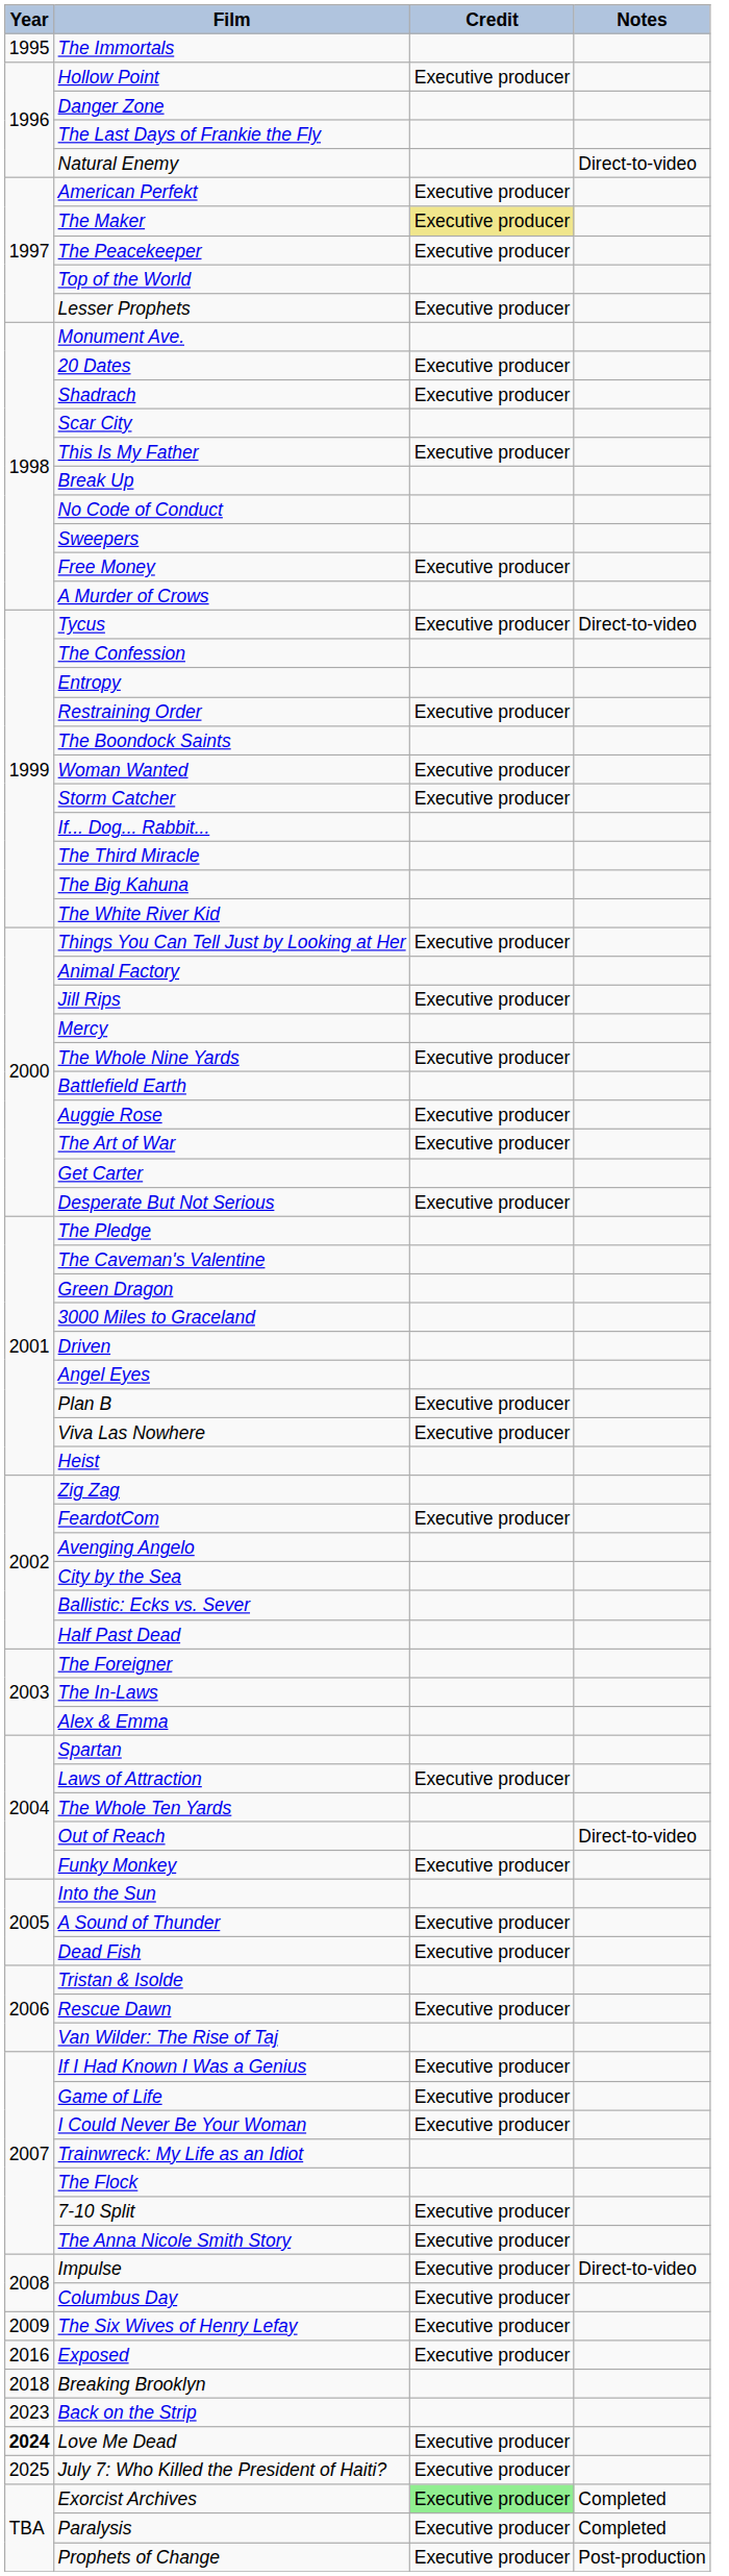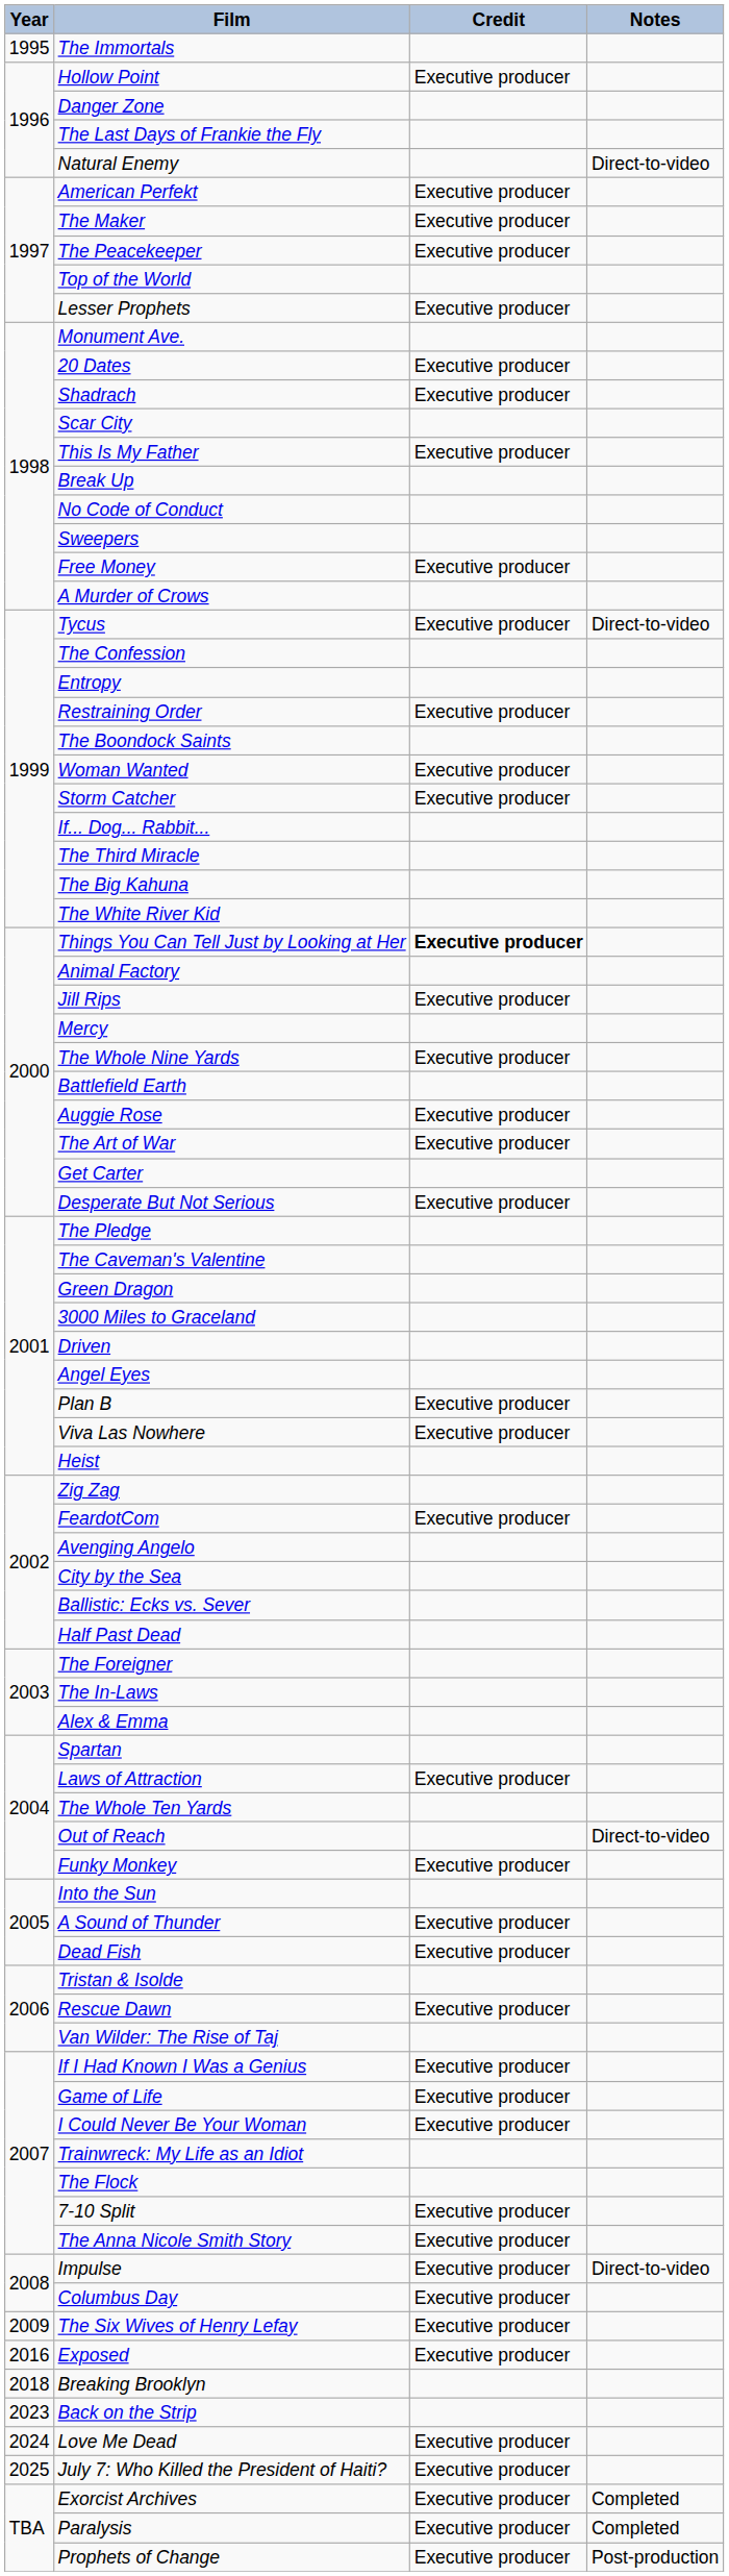 <table class="wikitable" style="font-size:95%;">
 <tr>
 <th style="background:#B0C4DE;">Year</th>
 <th style="background:#B0C4DE;">Film</th>
 <th style="background:#B0C4DE;">Credit</th>
 <th style="background:#B0C4DE;">Notes</th>
 </tr>
 <tr>
 <td>1995</td>
 <td><em><a href='#'>The Immortals</a></em></td>
 <td></td>
 <td></td>
 </tr>
 <tr>
 <td rowspan=4>1996</td>
 <td><em><a href='#'>Hollow Point</a></em></td>
 <td>Executive producer</td>
 <td></td>
 </tr>
 <tr>
 <td><em><a href='#'>Danger Zone</a></em></td>
 <td></td>
 <td></td>
 </tr>
 <tr>
 <td><em><a href='#'>The Last Days of Frankie the Fly</a></em></td>
 <td></td>
 <td></td>
 </tr>
 <tr>
 <td><em>Natural Enemy</em></td>
 <td></td>
 <td>Direct-to-video</td>
 </tr>
 <tr>
 <td rowspan=5>1997</td>
 <td><em><a href='#'>American Perfekt</a></em></td>
 <td>Executive producer</td>
 <td></td>
 </tr>
 <tr>
 <td><em><a href='#'>The Maker</a></em></td>
-<td style="background: khaki;">Executive producer</td>
+<td>Executive producer</td>
 <td></td>
 </tr>
 <tr>
 <td><em><a href='#'>The Peacekeeper</a></em></td>
 <td>Executive producer</td>
 <td></td>
 </tr>
 <tr>
 <td><em><a href='#'>Top of the World</a></em></td>
 <td></td>
 <td></td>
 </tr>
 <tr>
 <td><em>Lesser Prophets</em></td>
 <td>Executive producer</td>
 <td></td>
 </tr>
 <tr>
 <td rowspan=10>1998</td>
 <td><em><a href='#'>Monument Ave.</a></em></td>
 <td></td>
 <td></td>
 </tr>
 <tr>
 <td><em><a href='#'>20 Dates</a></em></td>
 <td>Executive producer</td>
 <td></td>
 </tr>
 <tr>
 <td><em><a href='#'>Shadrach</a></em></td>
 <td>Executive producer</td>
 <td></td>
 </tr>
 <tr>
 <td><em><a href='#'>Scar City</a></em></td>
 <td></td>
 <td></td>
 </tr>
 <tr>
 <td><em><a href='#'>This Is My Father</a></em></td>
 <td>Executive producer</td>
 <td></td>
 </tr>
 <tr>
 <td><em><a href='#'>Break Up</a></em></td>
 <td></td>
 <td></td>
 </tr>
 <tr>
 <td><em><a href='#'>No Code of Conduct</a></em></td>
 <td></td>
 <td></td>
 </tr>
 <tr>
 <td><em><a href='#'>Sweepers</a></em></td>
 <td></td>
 <td></td>
 </tr>
 <tr>
 <td><em><a href='#'>Free Money</a></em></td>
 <td>Executive producer</td>
 <td></td>
 </tr>
 <tr>
 <td><em><a href='#'>A Murder of Crows</a></em></td>
 <td></td>
 <td></td>
 </tr>
 <tr>
 <td rowspan=11>1999</td>
 <td><em><a href='#'>Tycus</a></em></td>
 <td>Executive producer</td>
 <td>Direct-to-video</td>
 </tr>
 <tr>
 <td><em><a href='#'>The Confession</a></em></td>
 <td></td>
 <td></td>
 </tr>
 <tr>
 <td><em><a href='#'>Entropy</a></em></td>
 <td></td>
 <td></td>
 </tr>
 <tr>
 <td><em><a href='#'>Restraining Order</a></em></td>
 <td>Executive producer</td>
 <td></td>
 </tr>
 <tr>
 <td><em><a href='#'>The Boondock Saints</a></em></td>
 <td></td>
 <td></td>
 </tr>
 <tr>
 <td><em><a href='#'>Woman Wanted</a></em></td>
 <td>Executive producer</td>
 <td></td>
 </tr>
 <tr>
 <td><em><a href='#'>Storm Catcher</a></em></td>
 <td>Executive producer</td>
 <td></td>
 </tr>
 <tr>
 <td><em><a href='#'>If... Dog... Rabbit...</a></em></td>
 <td></td>
 <td></td>
 </tr>
 <tr>
 <td><em><a href='#'>The Third Miracle</a></em></td>
 <td></td>
 <td></td>
 </tr>
 <tr>
 <td><em><a href='#'>The Big Kahuna</a></em></td>
 <td></td>
 <td></td>
 </tr>
 <tr>
 <td><em><a href='#'>The White River Kid</a></em></td>
 <td></td>
 <td></td>
 </tr>
 <tr>
 <td rowspan=10>2000</td>
 <td><em><a href='#'>Things You Can Tell Just by Looking at Her</a></em></td>
-<td>Executive producer</td>
+<td><strong>Executive producer</strong></td>
 <td></td>
 </tr>
 <tr>
 <td><em><a href='#'>Animal Factory</a></em></td>
 <td></td>
 <td></td>
 </tr>
 <tr>
 <td><em><a href='#'>Jill Rips</a></em></td>
 <td>Executive producer</td>
 <td></td>
 </tr>
 <tr>
 <td><em><a href='#'>Mercy</a></em></td>
 <td></td>
 <td></td>
 </tr>
 <tr>
 <td><em><a href='#'>The Whole Nine Yards</a></em></td>
 <td>Executive producer</td>
 <td></td>
 </tr>
 <tr>
 <td><em><a href='#'>Battlefield Earth</a></em></td>
 <td></td>
 <td></td>
 </tr>
 <tr>
 <td><em><a href='#'>Auggie Rose</a></em></td>
 <td>Executive producer</td>
 <td></td>
 </tr>
 <tr>
 <td><em><a href='#'>The Art of War</a></em></td>
 <td>Executive producer</td>
 <td></td>
 </tr>
 <tr>
 <td><em><a href='#'>Get Carter</a></em></td>
 <td></td>
 <td></td>
 </tr>
 <tr>
 <td><em><a href='#'>Desperate But Not Serious</a></em></td>
 <td>Executive producer</td>
 <td></td>
 </tr>
 <tr>
 <td rowspan=9>2001</td>
 <td><em><a href='#'>The Pledge</a></em></td>
 <td></td>
 <td></td>
 </tr>
 <tr>
 <td><em><a href='#'>The Caveman's Valentine</a></em></td>
 <td></td>
 <td></td>
 </tr>
 <tr>
 <td><em><a href='#'>Green Dragon</a></em></td>
 <td></td>
 <td></td>
 </tr>
 <tr>
 <td><em><a href='#'>3000 Miles to Graceland</a></em></td>
 <td></td>
 <td></td>
 </tr>
 <tr>
 <td><em><a href='#'>Driven</a></em></td>
 <td></td>
 <td></td>
 </tr>
 <tr>
 <td><em><a href='#'>Angel Eyes</a></em></td>
 <td></td>
 <td></td>
 </tr>
 <tr>
 <td><em>Plan B</em></td>
 <td>Executive producer</td>
 <td></td>
 </tr>
 <tr>
 <td><em>Viva Las Nowhere</em></td>
 <td>Executive producer</td>
 <td></td>
 </tr>
 <tr>
 <td><em><a href='#'>Heist</a></em></td>
 <td></td>
 <td></td>
 </tr>
 <tr>
 <td rowspan=6>2002</td>
 <td><em><a href='#'>Zig Zag</a></em></td>
 <td></td>
 <td></td>
 </tr>
 <tr>
 <td><em><a href='#'>FeardotCom</a></em></td>
 <td>Executive producer</td>
 <td></td>
 </tr>
 <tr>
 <td><em><a href='#'>Avenging Angelo</a></em></td>
 <td></td>
 <td></td>
 </tr>
 <tr>
 <td><em><a href='#'>City by the Sea</a></em></td>
 <td></td>
 <td></td>
 </tr>
 <tr>
 <td><em><a href='#'>Ballistic: Ecks vs. Sever</a></em></td>
 <td></td>
 <td></td>
 </tr>
 <tr>
 <td><em><a href='#'>Half Past Dead</a></em></td>
 <td></td>
 <td></td>
 </tr>
 <tr>
 <td rowspan=3>2003</td>
 <td><em><a href='#'>The Foreigner</a></em></td>
 <td></td>
 <td></td>
 </tr>
 <tr>
 <td><em><a href='#'>The In-Laws</a></em></td>
 <td></td>
 <td></td>
 </tr>
 <tr>
 <td><em><a href='#'>Alex & Emma</a></em></td>
 <td></td>
 <td></td>
 </tr>
 <tr>
 <td rowspan=5>2004</td>
 <td><em><a href='#'>Spartan</a></em></td>
 <td></td>
 <td></td>
 </tr>
 <tr>
 <td><em><a href='#'>Laws of Attraction</a></em></td>
 <td>Executive producer</td>
 <td></td>
 </tr>
 <tr>
 <td><em><a href='#'>The Whole Ten Yards</a></em></td>
 <td></td>
 <td></td>
 </tr>
 <tr>
 <td><em><a href='#'>Out of Reach</a></em></td>
 <td></td>
 <td>Direct-to-video</td>
 </tr>
 <tr>
 <td><em><a href='#'>Funky Monkey</a></em></td>
 <td>Executive producer</td>
 <td></td>
 </tr>
 <tr>
 <td rowspan=3>2005</td>
 <td><em><a href='#'>Into the Sun</a></em></td>
 <td></td>
 <td></td>
 </tr>
 <tr>
 <td><em><a href='#'>A Sound of Thunder</a></em></td>
 <td>Executive producer</td>
 <td></td>
 </tr>
 <tr>
 <td><em><a href='#'>Dead Fish</a></em></td>
 <td>Executive producer</td>
 <td></td>
 </tr>
 <tr>
 <td rowspan=3>2006</td>
 <td><em><a href='#'>Tristan & Isolde</a></em></td>
 <td></td>
 <td></td>
 </tr>
 <tr>
 <td><em><a href='#'>Rescue Dawn</a></em></td>
 <td>Executive producer</td>
 <td></td>
 </tr>
 <tr>
 <td><em><a href='#'>Van Wilder: The Rise of Taj</a></em></td>
 <td></td>
 <td></td>
 </tr>
 <tr>
 <td rowspan=7>2007</td>
 <td><em><a href='#'>If I Had Known I Was a Genius</a></em></td>
 <td>Executive producer</td>
 <td></td>
 </tr>
 <tr>
 <td><em><a href='#'>Game of Life</a></em></td>
 <td>Executive producer</td>
 <td></td>
 </tr>
 <tr>
 <td><em><a href='#'>I Could Never Be Your Woman</a></em></td>
 <td>Executive producer</td>
 <td></td>
 </tr>
 <tr>
 <td><em><a href='#'>Trainwreck: My Life as an Idiot</a></em></td>
 <td></td>
 <td></td>
 </tr>
 <tr>
 <td><em><a href='#'>The Flock</a></em></td>
 <td></td>
 <td></td>
 </tr>
 <tr>
 <td><em>7-10 Split</em></td>
 <td>Executive producer</td>
 <td></td>
 </tr>
 <tr>
 <td><em><a href='#'>The Anna Nicole Smith Story</a></em></td>
 <td>Executive producer</td>
 <td></td>
 </tr>
 <tr>
 <td rowspan=2>2008</td>
 <td><em>Impulse</em></td>
 <td>Executive producer</td>
 <td>Direct-to-video</td>
 </tr>
 <tr>
 <td><em><a href='#'>Columbus Day</a></em></td>
 <td>Executive producer</td>
 <td></td>
 </tr>
 <tr>
 <td>2009</td>
 <td><em><a href='#'>The Six Wives of Henry Lefay</a></em></td>
 <td>Executive producer</td>
 <td></td>
 </tr>
 <tr>
 <td>2016</td>
 <td><em><a href='#'>Exposed</a></em></td>
 <td>Executive producer</td>
 <td></td>
 </tr>
 <tr>
 <td>2018</td>
 <td><em>Breaking Brooklyn</em></td>
 <td></td>
 <td></td>
 </tr>
 <tr>
 <td>2023</td>
 <td><em><a href='#'>Back on the Strip</a></em></td>
 <td></td>
 <td></td>
 </tr>
 <tr>
-<td><strong>2024</strong></td>
+<td>2024</td>
 <td><em>Love Me Dead</em></td>
 <td>Executive producer</td>
 <td></td>
 </tr>
 <tr>
 <td>2025</td>
 <td><em>July 7: Who Killed the President of Haiti?</em></td>
 <td>Executive producer</td>
 <td></td>
 </tr>
 <tr>
 <td rowspan=4>TBA</td>
 <td><em>Exorcist Archives</em></td>
-<td style="background: lightgreen;">Executive producer</td>
+<td>Executive producer</td>
 <td>Completed</td>
 </tr>
 <tr>
 <td><em>Paralysis</em></td>
 <td>Executive producer</td>
 <td>Completed</td>
 </tr>
 <tr>
 <td><em>Prophets of Change</em></td>
 <td>Executive producer</td>
 <td>Post-production</td>
 </tr>
 </table>
